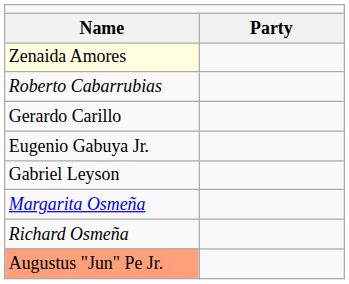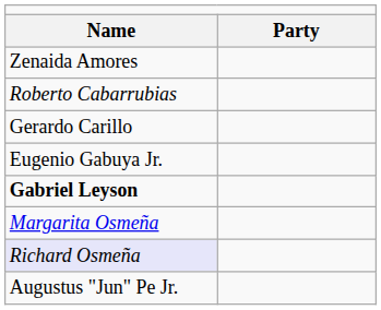 <table class=wikitable style="font-size:90%">
 <tr>
 <td colspan=4 bgcolor=></td>
 </tr>
 <tr>
 <th width=150px>Name</th>
 <th colspan=2 width=110px>Party</th>
 </tr>
 <tr>
-<td style="background: lightyellow;">Zenaida Amores</td>
+<td>Zenaida Amores</td>
 <td></td>
 </tr>
 <tr>
 <td><em>Roberto Cabarrubias</em></td>
 <td></td>
 </tr>
 <tr>
 <td>Gerardo Carillo</td>
 <td></td>
 </tr>
 <tr>
 <td>Eugenio Gabuya Jr.</td>
 <td></td>
 </tr>
 <tr>
-<td>Gabriel Leyson</td>
+<td><strong>Gabriel Leyson</strong></td>
 <td></td>
 </tr>
 <tr>
 <td><em><a href='#'>Margarita Osmeña</a></em></td>
 <td></td>
 </tr>
 <tr>
-<td><em>Richard Osmeña</em></td>
+<td style="background: lavender;"><em>Richard Osmeña</em></td>
 <td></td>
 </tr>
 <tr>
-<td style="background: lightsalmon;">Augustus "Jun" Pe Jr.</td>
+<td>Augustus "Jun" Pe Jr.</td>
 <td></td>
 </tr>
 </table>
